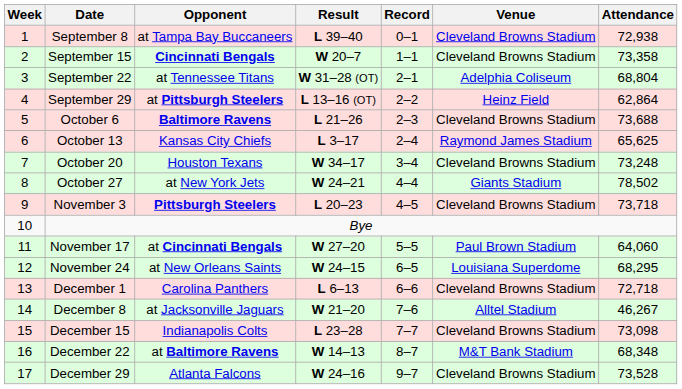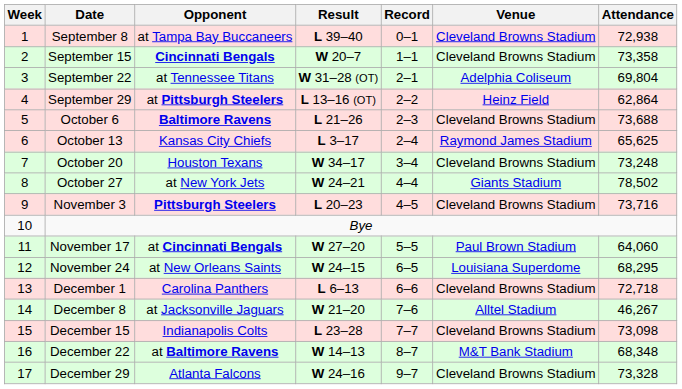 <table class="wikitable" style="text-align:center">
 <tr>
 <th>Week</th>
 <th>Date</th>
 <th>Opponent</th>
 <th>Result</th>
 <th>Record</th>
 <th>Venue</th>
 <th>Attendance</th>
 </tr>
 <tr style="background:#ffdddd">
 <td>1</td>
 <td>September 8</td>
 <td>at <a href='#'>Tampa Bay Buccaneers</a></td>
 <td><strong>L</strong> 39–40</td>
 <td>0–1</td>
 <td><a href='#'>Cleveland Browns Stadium</a></td>
 <td>72,938</td>
 </tr>
 <tr style="background:#ddffdd">
 <td>2</td>
 <td>September 15</td>
 <td><strong><a href='#'>Cincinnati Bengals</a></strong></td>
 <td><strong>W</strong> 20–7</td>
 <td>1–1</td>
 <td>Cleveland Browns Stadium</td>
 <td>73,358</td>
 </tr>
 <tr style="background:#ddffdd">
 <td>3</td>
 <td>September 22</td>
 <td>at <a href='#'>Tennessee Titans</a></td>
 <td><strong>W</strong> 31–28 <small>(OT)</small></td>
 <td>2–1</td>
 <td><a href='#'>Adelphia Coliseum</a></td>
-<td>68,804</td>
+<td>69,804</td>
 </tr>
 <tr style="background:#ffdddd">
 <td>4</td>
 <td>September 29</td>
 <td>at <strong><a href='#'>Pittsburgh Steelers</a></strong></td>
 <td><strong>L</strong> 13–16 <small>(OT)</small></td>
 <td>2–2</td>
 <td><a href='#'>Heinz Field</a></td>
 <td>62,864</td>
 </tr>
 <tr style="background:#ffdddd">
 <td>5</td>
 <td>October 6</td>
 <td><strong><a href='#'>Baltimore Ravens</a></strong></td>
 <td><strong>L</strong> 21–26</td>
 <td>2–3</td>
 <td>Cleveland Browns Stadium</td>
 <td>73,688</td>
 </tr>
 <tr style="background:#ffdddd">
 <td>6</td>
 <td>October 13</td>
 <td><a href='#'>Kansas City Chiefs</a></td>
 <td><strong>L</strong> 3–17</td>
 <td>2–4</td>
 <td><a href='#'>Raymond James Stadium</a></td>
 <td>65,625</td>
 </tr>
 <tr style="background:#ddffdd">
 <td>7</td>
 <td>October 20</td>
 <td><a href='#'>Houston Texans</a></td>
 <td><strong>W</strong> 34–17</td>
 <td>3–4</td>
 <td>Cleveland Browns Stadium</td>
 <td>73,248</td>
 </tr>
 <tr style="background:#ddffdd">
 <td>8</td>
 <td>October 27</td>
 <td>at <a href='#'>New York Jets</a></td>
 <td><strong>W</strong> 24–21</td>
 <td>4–4</td>
 <td><a href='#'>Giants Stadium</a></td>
 <td>78,502</td>
 </tr>
 <tr style="background:#ffdddd">
 <td>9</td>
 <td>November 3</td>
 <td><strong><a href='#'>Pittsburgh Steelers</a></strong></td>
 <td><strong>L</strong> 20–23</td>
 <td>4–5</td>
 <td>Cleveland Browns Stadium</td>
-<td>73,718</td>
+<td>73,716</td>
 </tr>
 <tr>
 <td>10</td>
 <td colspan="8"><em>Bye</em></td>
 </tr>
 <tr style="background:#ddffdd">
 <td>11</td>
 <td>November 17</td>
 <td>at <strong><a href='#'>Cincinnati Bengals</a></strong></td>
 <td><strong>W</strong> 27–20</td>
 <td>5–5</td>
 <td><a href='#'>Paul Brown Stadium</a></td>
 <td>64,060</td>
 </tr>
 <tr style="background:#ddffdd">
 <td>12</td>
 <td>November 24</td>
 <td>at <a href='#'>New Orleans Saints</a></td>
 <td><strong>W</strong> 24–15</td>
 <td>6–5</td>
 <td><a href='#'>Louisiana Superdome</a></td>
 <td>68,295</td>
 </tr>
 <tr style="background:#ffdddd">
 <td>13</td>
 <td>December 1</td>
 <td><a href='#'>Carolina Panthers</a></td>
 <td><strong>L</strong> 6–13</td>
 <td>6–6</td>
 <td>Cleveland Browns Stadium</td>
 <td>72,718</td>
 </tr>
 <tr style="background:#ddffdd">
 <td>14</td>
 <td>December 8</td>
 <td>at <a href='#'>Jacksonville Jaguars</a></td>
 <td><strong>W</strong> 21–20</td>
 <td>7–6</td>
 <td><a href='#'>Alltel Stadium</a></td>
 <td>46,267</td>
 </tr>
 <tr style="background:#ffdddd">
 <td>15</td>
 <td>December 15</td>
 <td><a href='#'>Indianapolis Colts</a></td>
 <td><strong>L</strong> 23–28</td>
 <td>7–7</td>
 <td>Cleveland Browns Stadium</td>
 <td>73,098</td>
 </tr>
 <tr style="background:#ddffdd">
 <td>16</td>
 <td>December 22</td>
 <td>at <strong><a href='#'>Baltimore Ravens</a></strong></td>
 <td><strong>W</strong> 14–13</td>
 <td>8–7</td>
 <td><a href='#'>M&T Bank Stadium</a></td>
 <td>68,348</td>
 </tr>
 <tr style="background:#ddffdd">
 <td>17</td>
 <td>December 29</td>
 <td><a href='#'>Atlanta Falcons</a></td>
 <td><strong>W</strong> 24–16</td>
 <td>9–7</td>
 <td>Cleveland Browns Stadium</td>
-<td>73,528</td>
+<td>73,328</td>
 </tr>
 </table>
